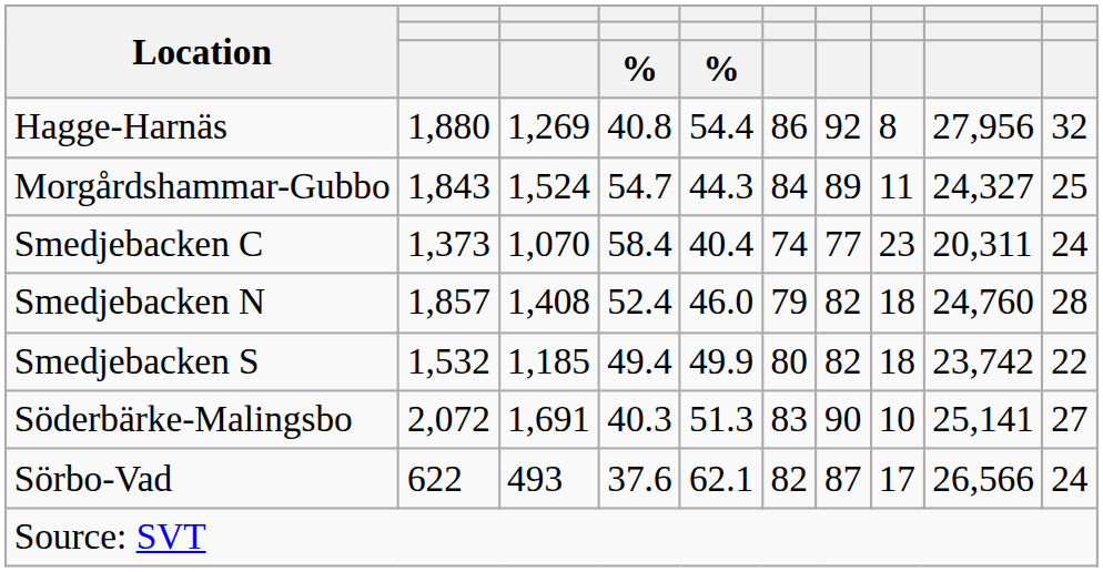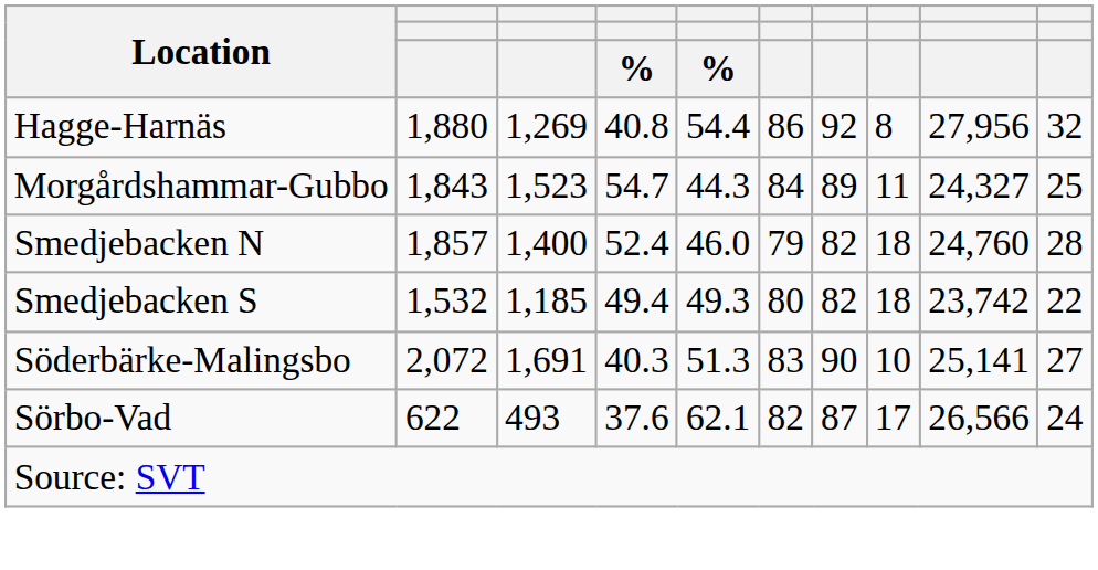 <table role="presentation" class="wikitable sortable mw-collapsible">
 <tr>
 <th rowspan="3">Location</th>
 <th></th>
 <th></th>
 <th></th>
 <th></th>
 <th></th>
 <th></th>
 <th></th>
 <th></th>
 <th></th>
 </tr>
 <tr>
 <th></th>
 <th></th>
 <th style="background:"></th>
 <th style="background:"></th>
 <th></th>
 <th></th>
 <th></th>
 <th></th>
 <th></th>
 </tr>
 <tr>
 <th data-sort-type="number"></th>
 <th data-sort-type="number"></th>
 <th data-sort-type="number">%</th>
 <th data-sort-type="number">%</th>
 <th data-sort-type="number"></th>
 <th data-sort-type="number"></th>
 <th data-sort-type="number"></th>
 <th data-sort-type="number"></th>
 <th data-sort-type="number"></th>
 </tr>
 <tr>
 <td align="left">Hagge-Harnäs</td>
 <td>1,880</td>
 <td>1,269</td>
 <td>40.8</td>
 <td>54.4</td>
 <td>86</td>
 <td>92</td>
 <td>8</td>
 <td>27,956</td>
 <td>32</td>
 </tr>
 <tr>
 <td align="left">Morgårdshammar-Gubbo</td>
 <td>1,843</td>
-<td>1,524</td>
+<td>1,523</td>
 <td>54.7</td>
 <td>44.3</td>
 <td>84</td>
 <td>89</td>
 <td>11</td>
 <td>24,327</td>
 <td>25</td>
 </tr>
 <tr>
-<td align="left">Smedjebacken C</td>
-<td>1,373</td>
-<td>1,070</td>
-<td>58.4</td>
-<td>40.4</td>
-<td>74</td>
-<td>77</td>
-<td>23</td>
-<td>20,311</td>
-<td>24</td>
-</tr>
-<tr>
 <td align="left">Smedjebacken N</td>
 <td>1,857</td>
-<td>1,408</td>
+<td>1,400</td>
 <td>52.4</td>
 <td>46.0</td>
 <td>79</td>
 <td>82</td>
 <td>18</td>
 <td>24,760</td>
 <td>28</td>
 </tr>
 <tr>
 <td align="left">Smedjebacken S</td>
 <td>1,532</td>
 <td>1,185</td>
 <td>49.4</td>
-<td>49.9</td>
+<td>49.3</td>
 <td>80</td>
 <td>82</td>
 <td>18</td>
 <td>23,742</td>
 <td>22</td>
 </tr>
 <tr>
 <td align="left">Söderbärke-Malingsbo</td>
 <td>2,072</td>
 <td>1,691</td>
 <td>40.3</td>
 <td>51.3</td>
 <td>83</td>
 <td>90</td>
 <td>10</td>
 <td>25,141</td>
 <td>27</td>
 </tr>
 <tr>
 <td align="left">Sörbo-Vad</td>
 <td>622</td>
 <td>493</td>
 <td>37.6</td>
 <td>62.1</td>
 <td>82</td>
 <td>87</td>
 <td>17</td>
 <td>26,566</td>
 <td>24</td>
 </tr>
 <tr>
 <td colspan="10" align="left">Source: <a href='#'>SVT</a></td>
 </tr>
 </table>
